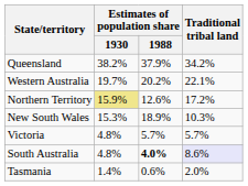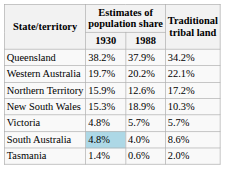 <table class="wikitable">
 <tr>
 <th rowspan=2>State/territory</th>
 <th colspan=2>Estimates of<br>population share</th>
 <th rowspan=2>Traditional<br>tribal land</th>
 </tr>
 <tr>
 <th>1930</th>
 <th>1988</th>
 </tr>
 <tr>
 <td>Queensland</td>
 <td>38.2%</td>
 <td>37.9%</td>
 <td>34.2%</td>
 </tr>
 <tr>
 <td>Western Australia</td>
 <td>19.7%</td>
 <td>20.2%</td>
 <td>22.1%</td>
 </tr>
 <tr>
 <td>Northern Territory</td>
-<td style="background: khaki;">15.9%</td>
+<td>15.9%</td>
 <td>12.6%</td>
 <td>17.2%</td>
 </tr>
 <tr>
 <td>New South Wales</td>
 <td>15.3%</td>
 <td>18.9%</td>
 <td>10.3%</td>
 </tr>
 <tr>
 <td>Victoria</td>
 <td>4.8%</td>
 <td>5.7%</td>
 <td>5.7%</td>
 </tr>
 <tr>
 <td>South Australia</td>
-<td>4.8%</td>
-<td><strong>4.0%</strong></td>
-<td style="background: lavender;">8.6%</td>
+<td style="background: lightblue;">4.8%</td>
+<td>4.0%</td>
+<td>8.6%</td>
 </tr>
 <tr>
 <td>Tasmania</td>
 <td>1.4%</td>
 <td>0.6%</td>
 <td>2.0%</td>
 </tr>
 </table>
